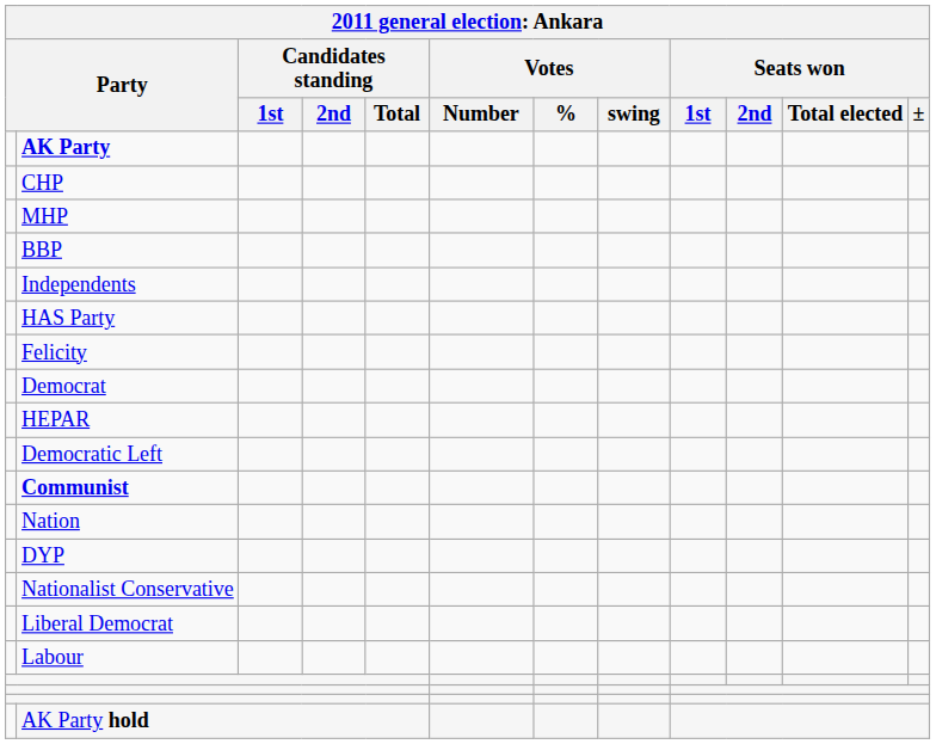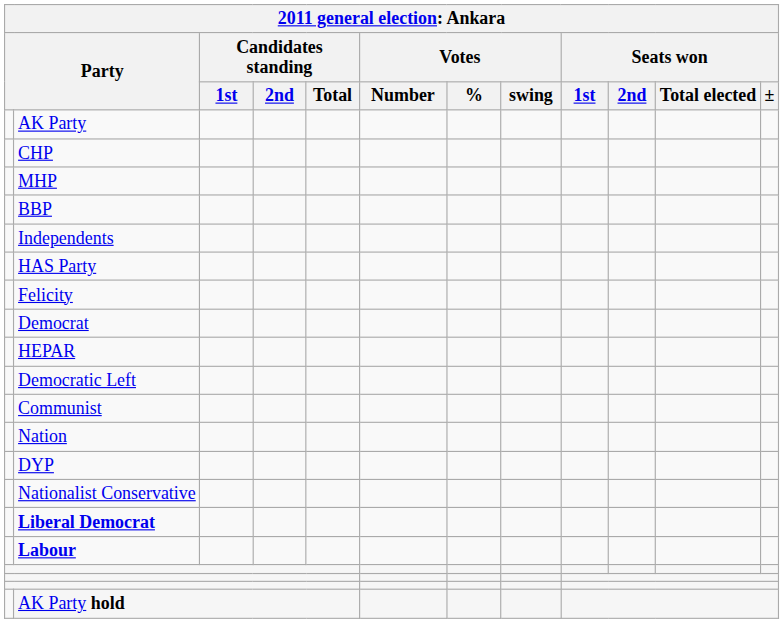 <table class="wikitable">
 <tr>
 <th colspan="14"><a href='#'>2011 general election</a>: Ankara</th>
 </tr>
 <tr>
 <th colspan="2" rowspan="2">Party</th>
 <th colspan="3">Candidates standing</th>
 <th colspan="3">Votes</th>
 <th colspan="4">Seats won</th>
 </tr>
 <tr>
 <th width="40px"><a href='#'>1st</a></th>
 <th width="40px"><a href='#'>2nd</a></th>
 <th width="40px">Total</th>
 <th width="71px">Number</th>
 <th width="41px">%</th>
 <th width="46px">swing</th>
 <th width="35px"><a href='#'>1st</a></th>
 <th width="35px"><a href='#'>2nd</a></th>
 <th>Total elected</th>
 <th>±</th>
 </tr>
 <tr>
 <td style="width:1px; background: "></td>
-<td><strong><a href='#'>AK Party</a></strong></td>
+<td><a href='#'>AK Party</a></td>
 <td></td>
 <td></td>
 <td></td>
 <td></td>
 <td></td>
 <td></td>
 <td></td>
 <td></td>
 <td></td>
 <td></td>
 </tr>
 <tr>
 <td style="width:1px; background: "></td>
 <td><a href='#'>CHP</a></td>
 <td></td>
 <td></td>
 <td></td>
 <td></td>
 <td></td>
 <td></td>
 <td></td>
 <td></td>
 <td></td>
 <td></td>
 </tr>
 <tr>
 <td style="width:1px; background: "></td>
 <td><a href='#'>MHP</a></td>
 <td></td>
 <td></td>
 <td></td>
 <td></td>
 <td></td>
 <td></td>
 <td></td>
 <td></td>
 <td></td>
 <td></td>
 </tr>
 <tr>
 <td style="width:1px; background: "></td>
 <td><a href='#'>BBP</a></td>
 <td></td>
 <td></td>
 <td></td>
 <td></td>
 <td></td>
 <td></td>
 <td></td>
 <td></td>
 <td></td>
 <td></td>
 </tr>
 <tr>
 <td style="width:1px; background: "></td>
 <td><a href='#'>Independents</a></td>
 <td></td>
 <td></td>
 <td></td>
 <td></td>
 <td></td>
 <td></td>
 <td></td>
 <td></td>
 <td></td>
 <td></td>
 </tr>
 <tr>
 <td style="width:1px; background: "></td>
 <td><a href='#'>HAS Party</a></td>
 <td></td>
 <td></td>
 <td></td>
 <td></td>
 <td></td>
 <td></td>
 <td></td>
 <td></td>
 <td></td>
 <td></td>
 </tr>
 <tr>
 <td style="width:1px; background: "></td>
 <td><a href='#'>Felicity</a></td>
 <td></td>
 <td></td>
 <td></td>
 <td></td>
 <td></td>
 <td></td>
 <td></td>
 <td></td>
 <td></td>
 <td></td>
 </tr>
 <tr>
 <td style="width:1px; background: "></td>
 <td><a href='#'>Democrat</a></td>
 <td></td>
 <td></td>
 <td></td>
 <td></td>
 <td></td>
 <td></td>
 <td></td>
 <td></td>
 <td></td>
 <td></td>
 </tr>
 <tr>
 <td style="width:1px; background: "></td>
 <td><a href='#'>HEPAR</a></td>
 <td></td>
 <td></td>
 <td></td>
 <td></td>
 <td></td>
 <td></td>
 <td></td>
 <td></td>
 <td></td>
 <td></td>
 </tr>
 <tr>
 <td style="width:1px; background: "></td>
 <td><a href='#'>Democratic Left</a></td>
 <td></td>
 <td></td>
 <td></td>
 <td></td>
 <td></td>
 <td></td>
 <td></td>
 <td></td>
 <td></td>
 <td></td>
 </tr>
 <tr>
 <td style="width:1px; background: "></td>
-<td><strong><a href='#'>Communist</a></strong></td>
+<td><a href='#'>Communist</a></td>
 <td></td>
 <td></td>
 <td></td>
 <td></td>
 <td></td>
 <td></td>
 <td></td>
 <td></td>
 <td></td>
 <td></td>
 </tr>
 <tr>
 <td style="width:1px; background: "></td>
 <td><a href='#'>Nation</a></td>
 <td></td>
 <td></td>
 <td></td>
 <td></td>
 <td></td>
 <td></td>
 <td></td>
 <td></td>
 <td></td>
 <td></td>
 </tr>
 <tr>
 <td style="width:1px; background: "></td>
 <td><a href='#'>DYP</a></td>
 <td></td>
 <td></td>
 <td></td>
 <td></td>
 <td></td>
 <td></td>
 <td></td>
 <td></td>
 <td></td>
 <td></td>
 </tr>
 <tr>
 <td style="width:1px; background: "></td>
 <td><a href='#'>Nationalist Conservative</a></td>
 <td></td>
 <td></td>
 <td></td>
 <td></td>
 <td></td>
 <td></td>
 <td></td>
 <td></td>
 <td></td>
 <td></td>
 </tr>
 <tr>
 <td style="width:1px; background: "></td>
-<td><a href='#'>Liberal Democrat</a></td>
+<td><strong><a href='#'>Liberal Democrat</a></strong></td>
 <td></td>
 <td></td>
 <td></td>
 <td></td>
 <td></td>
 <td></td>
 <td></td>
 <td></td>
 <td></td>
 <td></td>
 </tr>
 <tr>
 <td style="width:1px; background: "></td>
-<td><a href='#'>Labour</a></td>
+<td><strong><a href='#'>Labour</a></strong></td>
 <td></td>
 <td></td>
 <td></td>
 <td></td>
 <td></td>
 <td></td>
 <td></td>
 <td></td>
 <td></td>
 <td></td>
 </tr>
 <tr>
 <td style="background: #F6F6F6" colspan="5"></td>
 <td style="background: #F6F6F6"></td>
 <td style="background: #F6F6F6"></td>
 <td style="background: #F6F6F6"></td>
 <td style="background: #F6F6F6"></td>
 <td style="background: #F6F6F6"></td>
 <td style="background: #F6F6F6"></td>
 <td style="background: #F6F6F6"></td>
 </tr>
 <tr>
 <td style="background: #F6F6F6" colspan="5"></td>
 <td style="background: #F6F6F6"></td>
 <td style="background: #F6F6F6"></td>
 <td style="background: #F6F6F6"></td>
 <td style="background: #F6F6F6" colspan="4"></td>
 </tr>
 <tr>
 <td style="background: #F6F6F6" colspan="5"></td>
 <td style="background: #F6F6F6"></td>
 <td style="background: #F6F6F6"></td>
 <td style="background: #F6F6F6"></td>
 <td style="background: #F6F6F6" colspan="4"></td>
 </tr>
 <tr>
 <td style="width:1px; background: "></td>
 <td style="background: #F6F6F6" colspan="4"><a href='#'>AK Party</a> <strong>hold</strong> </td>
 <td style="background: #F6F6F6"></td>
 <td style="background: #F6F6F6"></td>
 <td style="background: #F6F6F6"></td>
 <td style="background: #F6F6F6" colspan="5"></td>
 </tr>
 </table>
